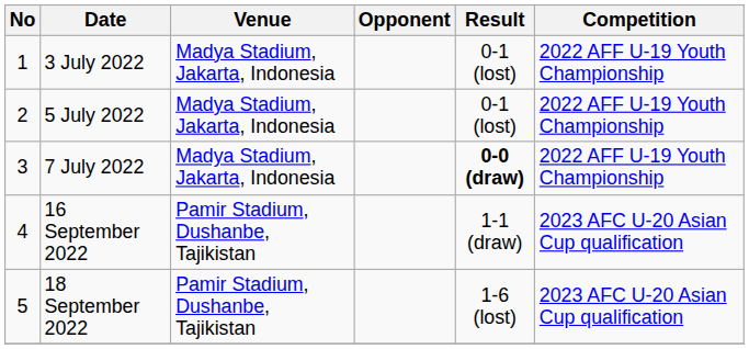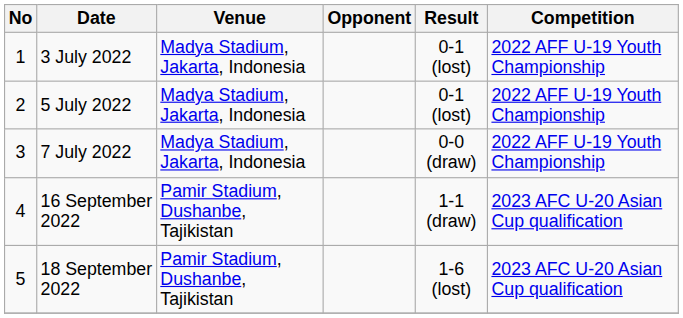 <table class="wikitable">
 <tr>
 <th>No</th>
 <th>Date</th>
 <th>Venue</th>
 <th>Opponent</th>
 <th>Result</th>
 <th>Competition</th>
 </tr>
 <tr>
 <td align=center>1</td>
 <td>3 July 2022</td>
 <td><a href='#'>Madya Stadium</a>, <a href='#'>Jakarta</a>, Indonesia</td>
 <td></td>
 <td align=center>0-1 (lost)</td>
 <td><a href='#'>2022 AFF U-19 Youth Championship</a></td>
 </tr>
 <tr>
 <td align=center>2</td>
 <td>5 July 2022</td>
 <td><a href='#'>Madya Stadium</a>, <a href='#'>Jakarta</a>, Indonesia</td>
 <td></td>
 <td align=center>0-1 (lost)</td>
 <td><a href='#'>2022 AFF U-19 Youth Championship</a></td>
 </tr>
 <tr>
 <td align=center>3</td>
 <td>7 July 2022</td>
 <td><a href='#'>Madya Stadium</a>, <a href='#'>Jakarta</a>, Indonesia</td>
 <td></td>
-<td align=center><strong>0-0 (draw)</strong></td>
+<td align=center>0-0 (draw)</td>
 <td><a href='#'>2022 AFF U-19 Youth Championship</a></td>
 </tr>
 <tr>
 <td align=center>4</td>
 <td>16 September 2022</td>
 <td><a href='#'>Pamir Stadium</a>, <a href='#'>Dushanbe</a>, Tajikistan</td>
 <td></td>
 <td align=center>1-1 (draw)</td>
 <td><a href='#'>2023 AFC U-20 Asian Cup qualification</a></td>
 </tr>
 <tr>
 <td align=center>5</td>
 <td>18 September 2022</td>
 <td><a href='#'>Pamir Stadium</a>, <a href='#'>Dushanbe</a>, Tajikistan</td>
 <td></td>
 <td align=center>1-6 (lost)</td>
 <td><a href='#'>2023 AFC U-20 Asian Cup qualification</a></td>
 </tr>
 <tr>
 </tr>
 </table>
